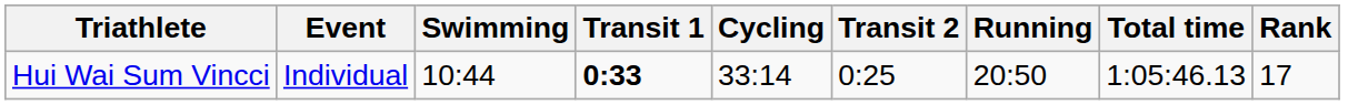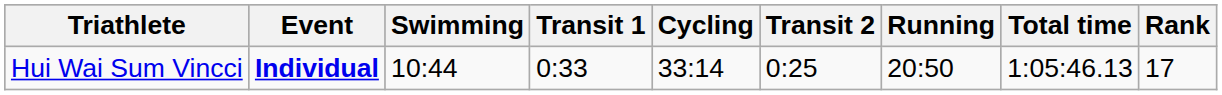 <table class="wikitable" border="1">
 <tr>
 <th>Triathlete</th>
 <th>Event</th>
 <th>Swimming</th>
 <th>Transit 1</th>
 <th>Cycling</th>
 <th>Transit 2</th>
 <th>Running</th>
 <th>Total time</th>
 <th>Rank</th>
 </tr>
 <tr>
 <td><a href='#'>Hui Wai Sum Vincci</a></td>
-<td><a href='#'>Individual</a></td>
+<td><strong><a href='#'>Individual</a></strong></td>
 <td>10:44</td>
-<td><strong>0:33</strong></td>
+<td>0:33</td>
 <td>33:14</td>
 <td>0:25</td>
 <td>20:50</td>
 <td>1:05:46.13</td>
 <td>17</td>
 </tr>
 </table>
